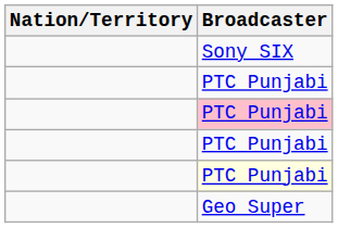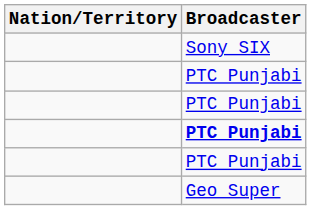 <table class="wikitable">
 <tr>
 <th>Nation/Territory</th>
 <th>Broadcaster</th>
 </tr>
 <tr>
 <td><strong></strong></td>
 <td><a href='#'>Sony SIX</a></td>
 </tr>
 <tr>
 <td><strong></strong></td>
 <td><a href='#'>PTC Punjabi</a></td>
 </tr>
 <tr>
 <td><strong></strong></td>
-<td style="background: pink;"><a href='#'>PTC Punjabi</a></td>
+<td><a href='#'>PTC Punjabi</a></td>
+</tr>
+<tr>
+<td><strong></strong></td>
+<td><strong><a href='#'>PTC Punjabi</a></strong></td>
 </tr>
 <tr>
 <td><strong></strong></td>
 <td><a href='#'>PTC Punjabi</a></td>
 </tr>
 <tr>
 <td><strong></strong></td>
-<td style="background: lightyellow;"><a href='#'>PTC Punjabi</a></td>
-</tr>
-<tr>
-<td><strong></strong></td>
 <td><a href='#'>Geo Super</a></td>
 </tr>
 </table>
